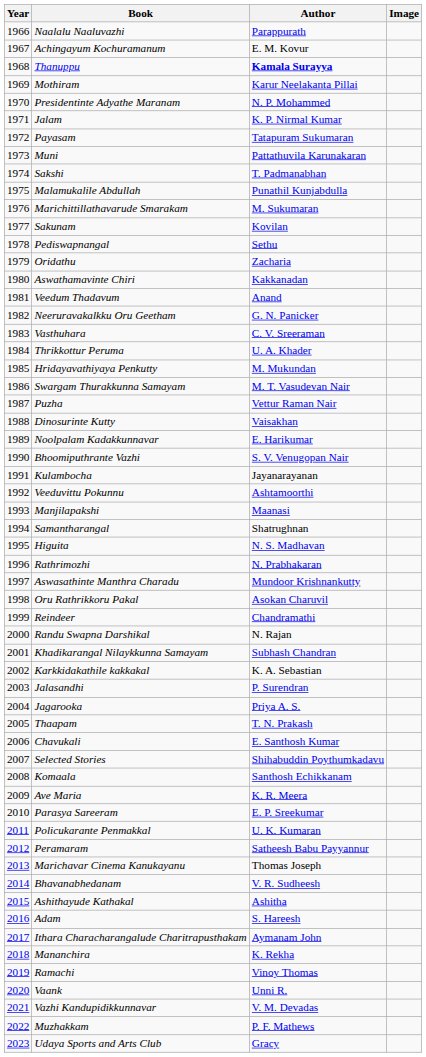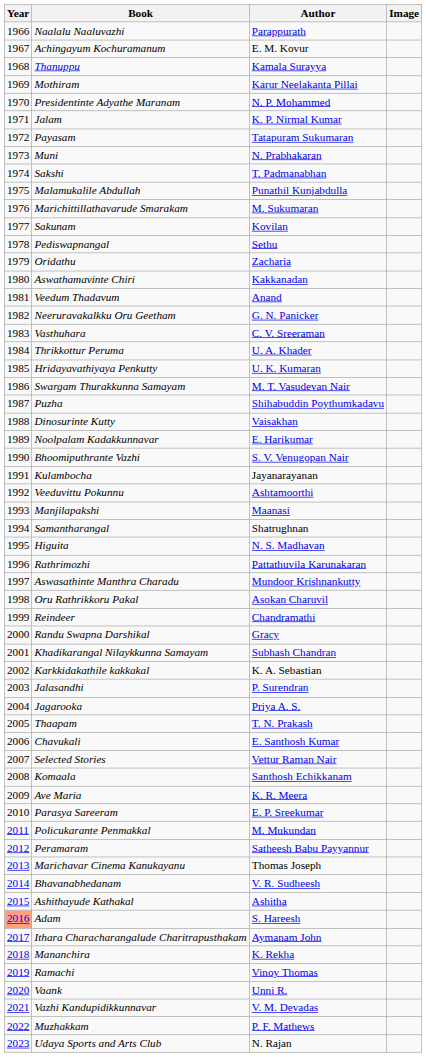 <table class="wikitable" >
 <tr>
 <th>Year</th>
 <th>Book</th>
 <th>Author</th>
 <th>Image</th>
 </tr>
 <tr>
 <td>1966</td>
 <td><em>Naalalu Naaluvazhi</em></td>
 <td><a href='#'>Parappurath</a></td>
 <td></td>
 </tr>
 <tr>
 <td>1967</td>
 <td><em>Achingayum Kochuramanum</em></td>
 <td>E. M. Kovur</td>
 <td></td>
 </tr>
 <tr>
 <td>1968</td>
 <td><em><a href='#'>Thanuppu</a></em></td>
-<td><strong><a href='#'>Kamala Surayya</a></strong></td>
+<td><a href='#'>Kamala Surayya</a></td>
 <td></td>
 </tr>
 <tr>
 <td>1969</td>
 <td><em>Mothiram</em></td>
 <td><a href='#'>Karur Neelakanta Pillai</a></td>
 <td></td>
 </tr>
 <tr>
 <td>1970</td>
 <td><em>Presidentinte Adyathe Maranam</em></td>
 <td><a href='#'>N. P. Mohammed</a></td>
 <td></td>
 </tr>
 <tr>
 <td>1971</td>
 <td><em>Jalam</em></td>
 <td><a href='#'>K. P. Nirmal Kumar</a></td>
 <td></td>
 </tr>
 <tr>
 <td>1972</td>
 <td><em>Payasam</em></td>
 <td><a href='#'>Tatapuram Sukumaran</a></td>
 <td></td>
 </tr>
 <tr>
 <td>1973</td>
 <td><em>Muni</em></td>
-<td><a href='#'>Pattathuvila Karunakaran</a></td>
+<td><a href='#'>N. Prabhakaran</a></td>
 <td></td>
 </tr>
 <tr>
 <td>1974</td>
 <td><em>Sakshi</em></td>
 <td><a href='#'>T. Padmanabhan</a></td>
 <td></td>
 </tr>
 <tr>
 <td>1975</td>
 <td><em>Malamukalile Abdullah</em></td>
 <td><a href='#'>Punathil Kunjabdulla</a></td>
 <td></td>
 </tr>
 <tr>
 <td>1976</td>
 <td><em>Marichittillathavarude Smarakam</em></td>
 <td><a href='#'>M. Sukumaran</a></td>
 <td></td>
 </tr>
 <tr>
 <td>1977</td>
 <td><em>Sakunam</em></td>
 <td><a href='#'>Kovilan</a></td>
 <td></td>
 </tr>
 <tr>
 <td>1978</td>
 <td><em>Pediswapnangal</em></td>
 <td><a href='#'>Sethu</a></td>
 <td></td>
 </tr>
 <tr>
 <td>1979</td>
 <td><em>Oridathu</em></td>
 <td><a href='#'>Zacharia</a></td>
 <td></td>
 </tr>
 <tr>
 <td>1980</td>
 <td><em>Aswathamavinte Chiri</em></td>
 <td><a href='#'>Kakkanadan</a></td>
 <td></td>
 </tr>
 <tr>
 <td>1981</td>
 <td><em>Veedum Thadavum</em></td>
 <td><a href='#'>Anand</a></td>
 <td></td>
 </tr>
 <tr>
 <td>1982</td>
 <td><em>Neeruravakalkku Oru Geetham</em></td>
 <td><a href='#'>G. N. Panicker</a></td>
 <td></td>
 </tr>
 <tr>
 <td>1983</td>
 <td><em>Vasthuhara</em></td>
 <td><a href='#'>C. V. Sreeraman</a></td>
 <td></td>
 </tr>
 <tr>
 <td>1984</td>
 <td><em>Thrikkottur Peruma</em></td>
 <td><a href='#'>U. A. Khader</a></td>
 <td></td>
 </tr>
 <tr>
 <td>1985</td>
 <td><em>Hridayavathiyaya Penkutty</em></td>
-<td><a href='#'>M. Mukundan</a></td>
+<td><a href='#'>U. K. Kumaran</a></td>
 <td></td>
 </tr>
 <tr>
 <td>1986</td>
 <td><em>Swargam Thurakkunna Samayam</em></td>
 <td><a href='#'>M. T. Vasudevan Nair</a></td>
 <td></td>
 </tr>
 <tr>
 <td>1987</td>
 <td><em>Puzha</em></td>
-<td><a href='#'>Vettur Raman Nair</a></td>
+<td><a href='#'>Shihabuddin Poythumkadavu</a></td>
 <td></td>
 </tr>
 <tr>
 <td>1988</td>
 <td><em>Dinosurinte Kutty</em></td>
 <td><a href='#'>Vaisakhan</a></td>
 <td></td>
 </tr>
 <tr>
 <td>1989</td>
 <td><em>Noolpalam Kadakkunnavar</em></td>
 <td><a href='#'>E. Harikumar</a></td>
 <td></td>
 </tr>
 <tr>
 <td>1990</td>
 <td><em>Bhoomiputhrante Vazhi</em></td>
 <td><a href='#'>S. V. Venugopan Nair</a></td>
 <td></td>
 </tr>
 <tr>
 <td>1991</td>
 <td><em>Kulambocha</em></td>
 <td>Jayanarayanan</td>
 <td></td>
 </tr>
 <tr>
 <td>1992</td>
 <td><em>Veeduvittu Pokunnu</em></td>
 <td><a href='#'>Ashtamoorthi</a></td>
 <td></td>
 </tr>
 <tr>
 <td>1993</td>
 <td><em>Manjilapakshi</em></td>
 <td><a href='#'>Maanasi</a></td>
 <td></td>
 </tr>
 <tr>
 <td>1994</td>
 <td><em>Samantharangal</em></td>
 <td>Shatrughnan</td>
 <td></td>
 </tr>
 <tr>
 <td>1995</td>
 <td><em>Higuita</em></td>
 <td><a href='#'>N. S. Madhavan</a></td>
 <td></td>
 </tr>
 <tr>
 <td>1996</td>
 <td><em>Rathrimozhi</em></td>
-<td><a href='#'>N. Prabhakaran</a></td>
+<td><a href='#'>Pattathuvila Karunakaran</a></td>
 <td></td>
 </tr>
 <tr>
 <td>1997</td>
 <td><em>Aswasathinte Manthra Charadu</em></td>
 <td><a href='#'>Mundoor Krishnankutty</a></td>
 <td></td>
 </tr>
 <tr>
 <td>1998</td>
 <td><em>Oru Rathrikkoru Pakal</em></td>
 <td><a href='#'>Asokan Charuvil</a></td>
 <td></td>
 </tr>
 <tr>
 <td>1999</td>
 <td><em>Reindeer</em></td>
 <td><a href='#'>Chandramathi</a></td>
 <td></td>
 </tr>
 <tr>
 <td>2000</td>
 <td><em>Randu Swapna Darshikal</em></td>
-<td>N. Rajan</td>
+<td><a href='#'>Gracy</a></td>
 <td></td>
 </tr>
 <tr>
 <td>2001</td>
 <td><em>Khadikarangal Nilaykkunna Samayam</em></td>
 <td><a href='#'>Subhash Chandran</a></td>
 <td></td>
 </tr>
 <tr>
 <td>2002</td>
 <td><em>Karkkidakathile kakkakal</em></td>
 <td>K. A. Sebastian</td>
 <td></td>
 </tr>
 <tr>
 <td>2003</td>
 <td><em>Jalasandhi</em></td>
 <td><a href='#'>P. Surendran</a></td>
 <td></td>
 </tr>
 <tr>
 <td>2004</td>
 <td><em>Jagarooka</em></td>
 <td><a href='#'>Priya A. S.</a></td>
 <td></td>
 </tr>
 <tr>
 <td>2005</td>
 <td><em>Thaapam</em></td>
 <td><a href='#'>T. N. Prakash</a></td>
 <td></td>
 </tr>
 <tr>
 <td>2006</td>
 <td><em>Chavukali</em></td>
 <td><a href='#'>E. Santhosh Kumar</a></td>
 <td></td>
 </tr>
 <tr>
 <td>2007</td>
 <td><em>Selected Stories</em></td>
-<td><a href='#'>Shihabuddin Poythumkadavu</a></td>
+<td><a href='#'>Vettur Raman Nair</a></td>
 <td></td>
 </tr>
 <tr>
 <td>2008</td>
 <td><em>Komaala</em></td>
 <td><a href='#'>Santhosh Echikkanam</a></td>
 <td></td>
 </tr>
 <tr>
 <td>2009</td>
 <td><em>Ave Maria</em></td>
 <td><a href='#'>K. R. Meera</a></td>
 <td></td>
 </tr>
 <tr>
 <td>2010</td>
 <td><em>Parasya Sareeram</em></td>
 <td><a href='#'>E. P. Sreekumar</a></td>
 <td></td>
 </tr>
 <tr>
 <td><a href='#'>2011</a></td>
 <td><em>Policukarante Penmakkal</em></td>
-<td><a href='#'>U. K. Kumaran</a></td>
+<td><a href='#'>M. Mukundan</a></td>
 <td></td>
 </tr>
 <tr>
 <td><a href='#'>2012</a></td>
 <td><em>Peramaram</em></td>
 <td><a href='#'>Satheesh Babu Payyannur</a></td>
 <td></td>
 </tr>
 <tr>
 <td><a href='#'>2013</a></td>
 <td><em>Marichavar Cinema Kanukayanu</em></td>
 <td>Thomas Joseph</td>
 <td></td>
 </tr>
 <tr>
 <td><a href='#'>2014</a></td>
 <td><em>Bhavanabhedanam</em></td>
 <td><a href='#'>V. R. Sudheesh</a></td>
 <td></td>
 </tr>
 <tr>
 <td><a href='#'>2015</a></td>
 <td><em>Ashithayude Kathakal</em></td>
 <td><a href='#'>Ashitha</a></td>
 <td></td>
 </tr>
 <tr>
-<td><a href='#'>2016</a></td>
+<td style="background: lightsalmon;"><a href='#'>2016</a></td>
 <td><em>Adam</em></td>
 <td><a href='#'>S. Hareesh</a></td>
 <td></td>
 </tr>
 <tr>
 <td><a href='#'>2017</a></td>
 <td><em>Ithara Characharangalude Charitrapusthakam</em></td>
 <td><a href='#'>Aymanam John</a></td>
 <td></td>
 </tr>
 <tr>
 <td><a href='#'>2018</a></td>
 <td><em>Mananchira</em></td>
 <td><a href='#'>K. Rekha</a></td>
 <td></td>
 </tr>
 <tr>
 <td><a href='#'>2019</a></td>
 <td><em>Ramachi</em></td>
 <td><a href='#'>Vinoy Thomas</a></td>
 <td></td>
 </tr>
 <tr>
 <td><a href='#'>2020</a></td>
 <td><em>Vaank</em></td>
 <td><a href='#'>Unni R.</a></td>
 <td></td>
 </tr>
 <tr>
 <td><a href='#'>2021</a></td>
 <td><em>Vazhi Kandupidikkunnavar</em></td>
 <td><a href='#'>V. M. Devadas</a></td>
 <td></td>
 </tr>
 <tr>
 <td><a href='#'>2022</a></td>
 <td><em>Muzhakkam</em></td>
 <td><a href='#'>P. F. Mathews</a></td>
 <td></td>
 </tr>
 <tr>
 <td><a href='#'>2023</a></td>
 <td><em>Udaya Sports and Arts Club</em></td>
-<td><a href='#'>Gracy</a></td>
+<td>N. Rajan</td>
 <td></td>
 </tr>
 </table>
